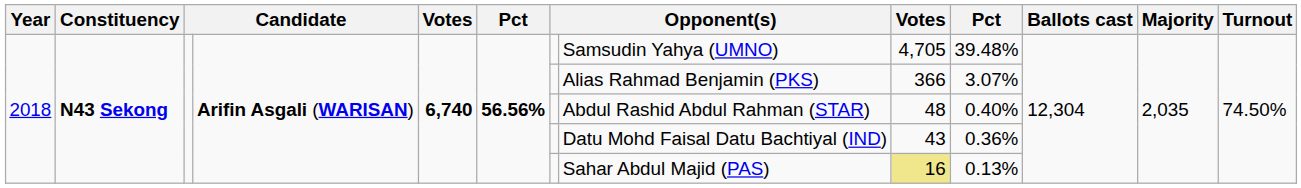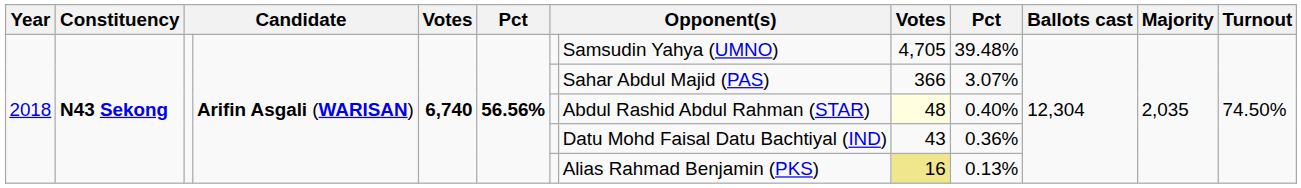 <table class="wikitable" style="margin:0.5em ; font-size:95%">
 <tr>
 <th>Year</th>
 <th>Constituency</th>
 <th colspan=2>Candidate</th>
 <th>Votes</th>
 <th>Pct</th>
 <th colspan=2>Opponent(s)</th>
 <th>Votes</th>
 <th>Pct</th>
 <th>Ballots cast</th>
 <th>Majority</th>
 <th>Turnout</th>
 </tr>
 <tr>
 <td rowspan=5><a href='#'>2018</a></td>
 <td rowspan=5><strong>N43 <a href='#'>Sekong</a></strong></td>
 <td rowspan=5 ></td>
 <td rowspan=5><strong>Arifin Asgali</strong> (<a href='#'><strong>WARISAN</strong></a>)</td>
 <td rowspan=5 align="right"><strong>6,740</strong></td>
 <td rowspan=5><strong>56.56%</strong></td>
 <td></td>
 <td>Samsudin Yahya (<a href='#'>UMNO</a>)</td>
 <td align="right">4,705</td>
 <td>39.48%</td>
 <td rowspan=5>12,304</td>
 <td rowspan=5>2,035</td>
 <td rowspan=5>74.50%</td>
 </tr>
 <tr>
 <td></td>
-<td>Alias Rahmad Benjamin (<a href='#'>PKS</a>)</td>
+<td>Sahar Abdul Majid (<a href='#'>PAS</a>)</td>
 <td align="right">366</td>
 <td align="right">3.07%</td>
 </tr>
 <tr>
 <td></td>
 <td>Abdul Rashid Abdul Rahman (<a href='#'>STAR</a>)</td>
-<td align="right">48</td>
+<td align="right" style="background: lightyellow;">48</td>
 <td align="right">0.40%</td>
 </tr>
 <tr>
 <td></td>
 <td>Datu Mohd Faisal Datu Bachtiyal (<a href='#'>IND</a>)</td>
 <td align="right">43</td>
 <td align="right">0.36%</td>
 </tr>
 <tr>
 <td></td>
-<td>Sahar Abdul Majid (<a href='#'>PAS</a>)</td>
+<td>Alias Rahmad Benjamin (<a href='#'>PKS</a>)</td>
 <td align="right" style="background: khaki;">16</td>
 <td align="right">0.13%</td>
 </tr>
 </table>
